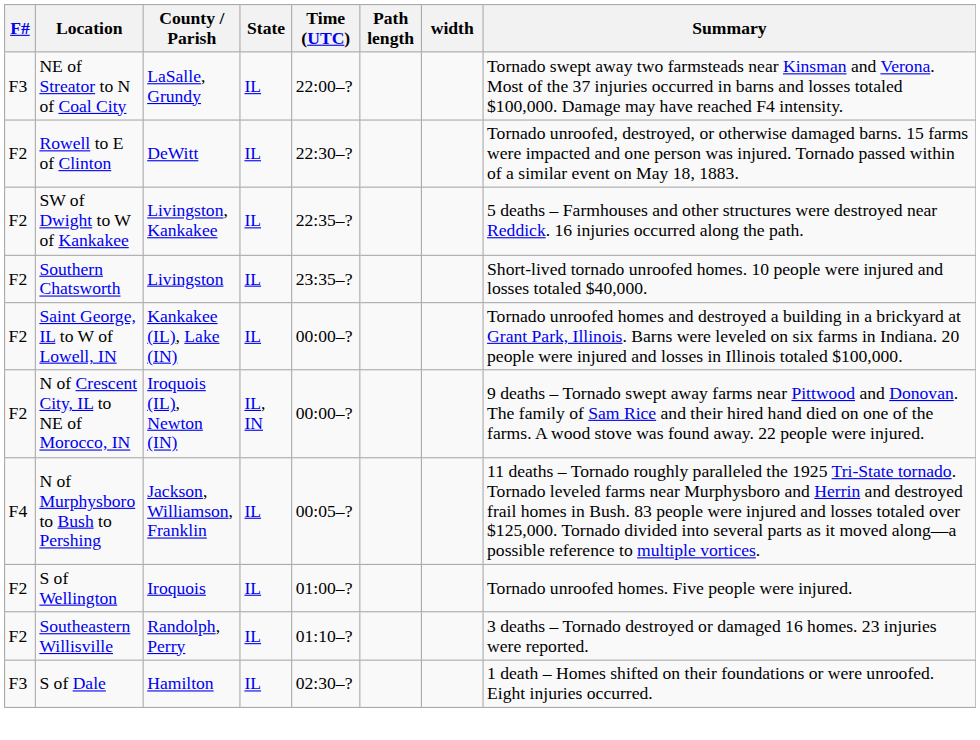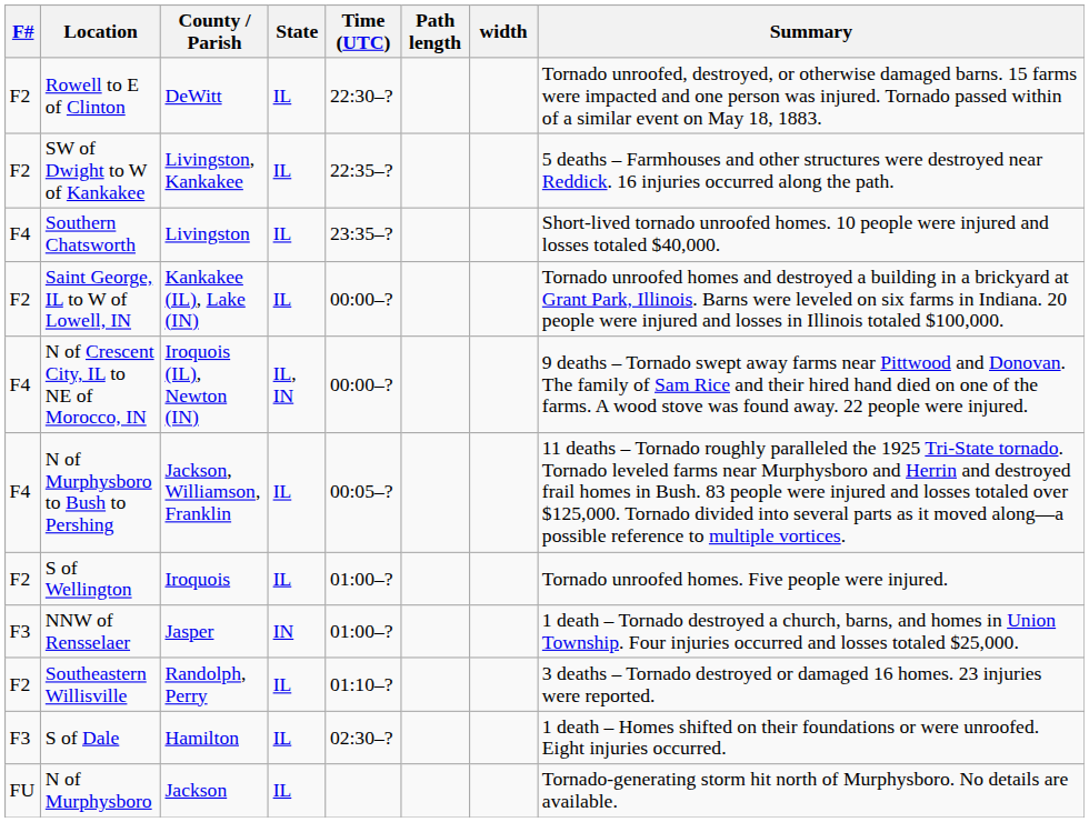 <table class="wikitable sortable" style="width:100%;">
 <tr>
 <th scope="col"  style="width:3%; text-align:center;"><a href='#'>F#</a></th>
 <th scope="col"  style="width:7%; text-align:center;" class="unsortable">Location</th>
 <th scope="col"  style="width:6%; text-align:center;" class="unsortable">County / Parish</th>
 <th scope="col"  style="width:5%; text-align:center;">State</th>
 <th scope="col"  style="width:6%; text-align:center;">Time (<a href='#'>UTC</a>)</th>
 <th scope="col"  style="width:6%; text-align:center;">Path length</th>
 <th scope="col"  style="width:6%; text-align:center;"> width</th>
 <th scope="col" class="unsortable" style="width:48%; text-align:center;">Summary</th>
-</tr>
-<tr>
-<td>F3</td>
-<td>NE of <a href='#'>Streator</a> to N of <a href='#'>Coal City</a></td>
-<td><a href='#'>LaSalle</a>, <a href='#'>Grundy</a></td>
-<td><a href='#'>IL</a></td>
-<td>22:00–?</td>
-<td></td>
-<td></td>
-<td>Tornado swept away two farmsteads near <a href='#'>Kinsman</a> and <a href='#'>Verona</a>. Most of the 37 injuries occurred in barns and losses totaled $100,000. Damage may have reached F4 intensity.</td>
 </tr>
 <tr>
 <td>F2</td>
 <td><a href='#'>Rowell</a> to E of <a href='#'>Clinton</a></td>
 <td><a href='#'>DeWitt</a></td>
 <td><a href='#'>IL</a></td>
 <td>22:30–?</td>
 <td></td>
 <td></td>
 <td>Tornado unroofed, destroyed, or otherwise damaged barns. 15 farms were impacted and one person was injured. Tornado passed within  of a similar event on May 18, 1883.</td>
 </tr>
 <tr>
 <td>F2</td>
 <td>SW of <a href='#'>Dwight</a> to W of <a href='#'>Kankakee</a></td>
 <td><a href='#'>Livingston</a>, <a href='#'>Kankakee</a></td>
 <td><a href='#'>IL</a></td>
 <td>22:35–?</td>
 <td></td>
 <td></td>
 <td>5 deaths – Farmhouses and other structures were destroyed near <a href='#'>Reddick</a>. 16 injuries occurred along the path.</td>
 </tr>
 <tr>
-<td>F2</td>
+<td>F4</td>
 <td><a href='#'>Southern Chatsworth</a></td>
 <td><a href='#'>Livingston</a></td>
 <td><a href='#'>IL</a></td>
 <td>23:35–?</td>
 <td></td>
 <td></td>
 <td>Short-lived tornado unroofed homes. 10 people were injured and losses totaled $40,000.</td>
 </tr>
 <tr>
 <td>F2</td>
 <td><a href='#'>Saint George, IL</a> to W of <a href='#'>Lowell, IN</a></td>
 <td><a href='#'>Kankakee (IL)</a>, <a href='#'>Lake (IN)</a></td>
 <td><a href='#'>IL</a></td>
 <td>00:00–?</td>
 <td></td>
 <td></td>
 <td>Tornado unroofed homes and destroyed a building in a brickyard at <a href='#'>Grant Park, Illinois</a>. Barns were leveled on six farms in Indiana. 20 people were injured and losses in Illinois totaled $100,000.</td>
 </tr>
 <tr>
-<td>F2</td>
+<td>F4</td>
 <td>N of <a href='#'>Crescent City, IL</a> to NE of <a href='#'>Morocco, IN</a></td>
 <td><a href='#'>Iroquois (IL)</a>, <a href='#'>Newton (IN)</a></td>
 <td><a href='#'>IL</a>, <a href='#'>IN</a></td>
 <td>00:00–?</td>
 <td></td>
 <td></td>
 <td>9 deaths – Tornado swept away farms near <a href='#'>Pittwood</a> and <a href='#'>Donovan</a>. The family of <a href='#'>Sam Rice</a> and their hired hand died on one of the farms. A wood stove was found  away. 22 people were injured.</td>
 </tr>
 <tr>
 <td>F4</td>
 <td>N of <a href='#'>Murphysboro</a> to <a href='#'>Bush</a> to <a href='#'>Pershing</a></td>
 <td><a href='#'>Jackson</a>, <a href='#'>Williamson</a>, <a href='#'>Franklin</a></td>
 <td><a href='#'>IL</a></td>
 <td>00:05–?</td>
 <td></td>
 <td></td>
 <td>11 deaths – Tornado roughly paralleled the 1925 <a href='#'>Tri-State tornado</a>. Tornado leveled farms near Murphysboro and <a href='#'>Herrin</a> and destroyed frail homes in Bush. 83 people were injured and losses totaled over $125,000. Tornado divided into several parts as it moved along—a possible reference to <a href='#'>multiple vortices</a>.</td>
 </tr>
 <tr>
 <td>F2</td>
 <td>S of <a href='#'>Wellington</a></td>
 <td><a href='#'>Iroquois</a></td>
 <td><a href='#'>IL</a></td>
 <td>01:00–?</td>
 <td></td>
 <td></td>
 <td>Tornado unroofed homes. Five people were injured.</td>
 </tr>
 <tr>
+<td>F3</td>
+<td>NNW of <a href='#'>Rensselaer</a></td>
+<td><a href='#'>Jasper</a></td>
+<td><a href='#'>IN</a></td>
+<td>01:00–?</td>
+<td></td>
+<td></td>
+<td>1 death – Tornado destroyed a church, barns, and homes in <a href='#'>Union Township</a>. Four injuries occurred and losses totaled $25,000.</td>
+</tr>
+<tr>
 <td>F2</td>
 <td><a href='#'>Southeastern Willisville</a></td>
 <td><a href='#'>Randolph</a>, <a href='#'>Perry</a></td>
 <td><a href='#'>IL</a></td>
 <td>01:10–?</td>
 <td></td>
 <td></td>
 <td>3 deaths – Tornado destroyed or damaged 16 homes. 23 injuries were reported.</td>
 </tr>
 <tr>
 <td>F3</td>
 <td>S of <a href='#'>Dale</a></td>
 <td><a href='#'>Hamilton</a></td>
 <td><a href='#'>IL</a></td>
 <td>02:30–?</td>
 <td></td>
 <td></td>
 <td>1 death – Homes shifted on their foundations or were unroofed. Eight injuries occurred.</td>
 </tr>
+<tr>
+<td bgcolor=>FU</td>
+<td>N of <a href='#'>Murphysboro</a></td>
+<td><a href='#'>Jackson</a></td>
+<td><a href='#'>IL</a></td>
+<td></td>
+<td></td>
+<td></td>
+<td>Tornado-generating storm hit  north of Murphysboro. No details are available.</td>
+</tr>
 </table>
